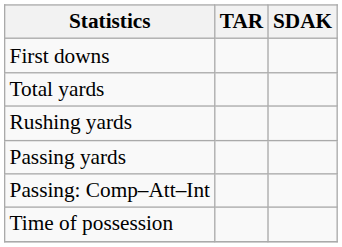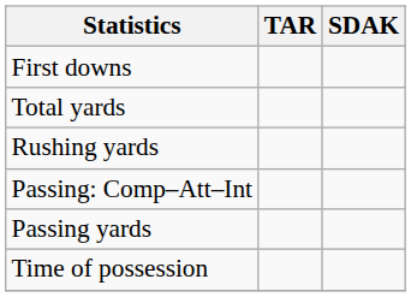 <table class="wikitable" style="float: left;">
 <tr>
 <th>Statistics</th>
 <th>TAR</th>
 <th>SDAK</th>
 </tr>
 <tr>
 <td>First downs</td>
 <td></td>
 <td></td>
 </tr>
 <tr>
 <td>Total yards</td>
 <td></td>
 <td></td>
 </tr>
 <tr>
 <td>Rushing yards</td>
 <td></td>
 <td></td>
 </tr>
 <tr>
-<td>Passing yards</td>
+<td>Passing: Comp–Att–Int</td>
 <td></td>
 <td></td>
 </tr>
 <tr>
-<td>Passing: Comp–Att–Int</td>
+<td>Passing yards</td>
 <td></td>
 <td></td>
 </tr>
 <tr>
 <td>Time of possession</td>
 <td></td>
 <td></td>
 </tr>
 <tr>
 </tr>
 </table>
